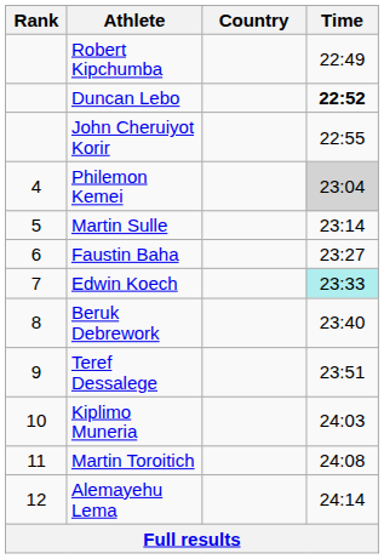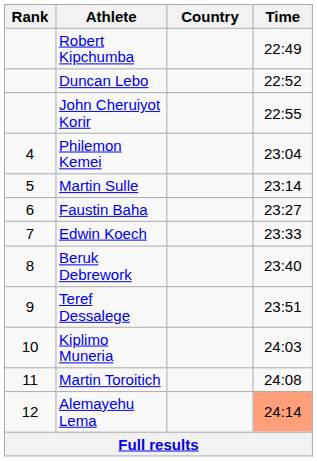 <table class="wikitable sortable" style=" text-align:center; font-size:95%;" width="50%">
 <tr>
 </tr>
 <tr>
 <th width=5%>Rank</th>
 <th width=20%>Athlete</th>
 <th width=15%>Country</th>
 <th width=10%>Time</th>
 </tr>
 <tr>
 <td align=center></td>
 <td align=left><a href='#'>Robert Kipchumba</a></td>
 <td align=left></td>
 <td>22:49</td>
 </tr>
 <tr>
 <td align=center></td>
 <td align=left><a href='#'>Duncan Lebo</a></td>
 <td align=left></td>
-<td><strong>22:52</strong></td>
+<td>22:52</td>
 </tr>
 <tr>
 <td align=center></td>
 <td align=left><a href='#'>John Cheruiyot Korir</a></td>
 <td align=left></td>
 <td>22:55</td>
 </tr>
 <tr>
 <td align=center>4</td>
 <td align=left><a href='#'>Philemon Kemei</a></td>
 <td align=left></td>
-<td style="background: lightgrey;">23:04</td>
+<td>23:04</td>
 </tr>
 <tr>
 <td align=center>5</td>
 <td align=left><a href='#'>Martin Sulle</a></td>
 <td align=left></td>
 <td>23:14</td>
 </tr>
 <tr>
 <td align=center>6</td>
 <td align=left><a href='#'>Faustin Baha</a></td>
 <td align=left></td>
 <td>23:27</td>
 </tr>
 <tr>
 <td align=center>7</td>
 <td align=left><a href='#'>Edwin Koech</a></td>
 <td align=left></td>
-<td style="background: paleturquoise;">23:33</td>
+<td>23:33</td>
 </tr>
 <tr>
 <td align=center>8</td>
 <td align=left><a href='#'>Beruk Debrework</a></td>
 <td align=left></td>
 <td>23:40</td>
 </tr>
 <tr>
 <td align=center>9</td>
 <td align=left><a href='#'>Teref Dessalege</a></td>
 <td align=left></td>
 <td>23:51</td>
 </tr>
 <tr>
 <td align=center>10</td>
 <td align=left><a href='#'>Kiplimo Muneria</a></td>
 <td align=left></td>
 <td>24:03</td>
 </tr>
 <tr>
 <td align=center>11</td>
 <td align=left><a href='#'>Martin Toroitich</a></td>
 <td align=left></td>
 <td>24:08</td>
 </tr>
 <tr>
 <td align=center>12</td>
 <td align=left><a href='#'>Alemayehu Lema</a></td>
 <td align=left></td>
-<td>24:14</td>
+<td style="background: lightsalmon;">24:14</td>
 </tr>
 <tr class="sortbottom">
 <th colspan=4 align=center><a href='#'>Full results</a></th>
 </tr>
 </table>
